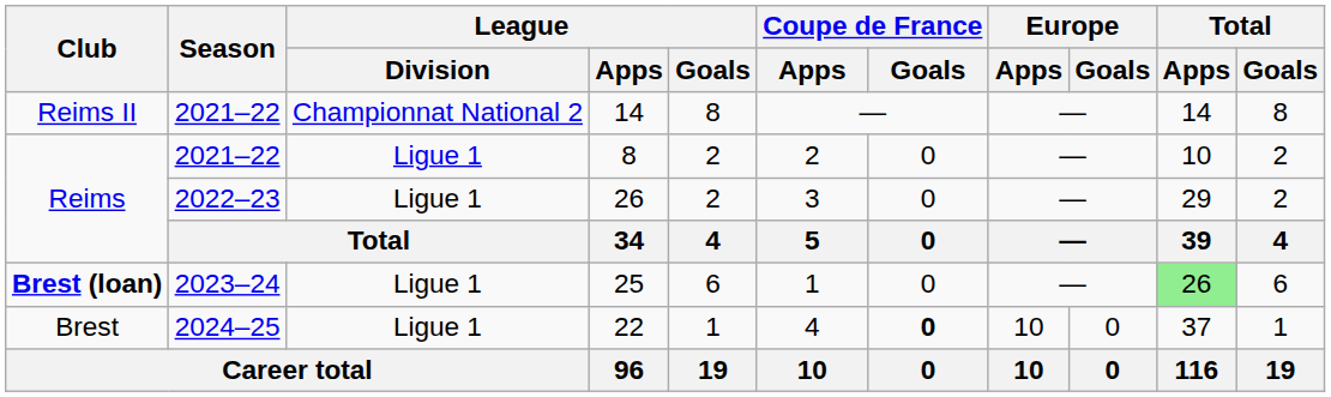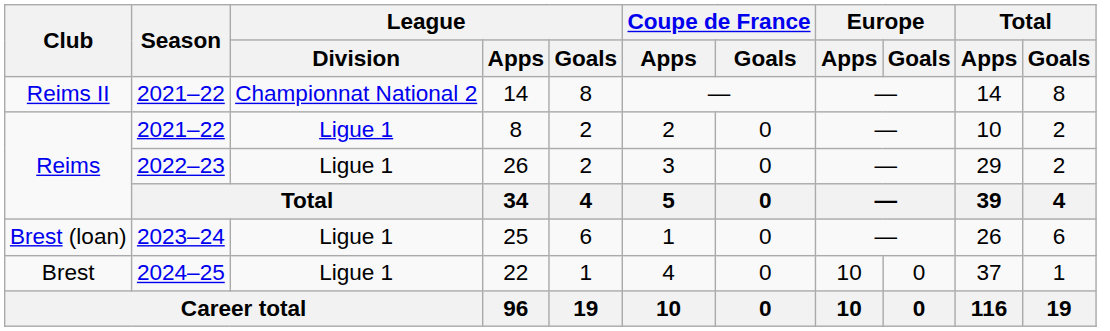 <table class="wikitable" style="text-align:center">
 <tr>
 <th rowspan="2">Club</th>
 <th rowspan="2">Season</th>
 <th colspan="3">League</th>
 <th colspan="2"><a href='#'>Coupe de France</a></th>
 <th colspan="2">Europe</th>
 <th colspan="2">Total</th>
 </tr>
 <tr>
 <th>Division</th>
 <th>Apps</th>
 <th>Goals</th>
 <th>Apps</th>
 <th>Goals</th>
 <th>Apps</th>
 <th>Goals</th>
 <th>Apps</th>
 <th>Goals</th>
 </tr>
 <tr>
 <td><a href='#'>Reims II</a></td>
 <td><a href='#'>2021–22</a></td>
 <td><a href='#'>Championnat National 2</a></td>
 <td>14</td>
 <td>8</td>
 <td colspan="2">—</td>
 <td colspan="2">—</td>
 <td>14</td>
 <td>8</td>
 </tr>
 <tr>
 <td rowspan="3"><a href='#'>Reims</a></td>
 <td><a href='#'>2021–22</a></td>
 <td><a href='#'>Ligue 1</a></td>
 <td>8</td>
 <td>2</td>
 <td>2</td>
 <td>0</td>
 <td colspan="2">—</td>
 <td>10</td>
 <td>2</td>
 </tr>
 <tr>
 <td><a href='#'>2022–23</a></td>
 <td>Ligue 1</td>
 <td>26</td>
 <td>2</td>
 <td>3</td>
 <td>0</td>
 <td colspan="2">—</td>
 <td>29</td>
 <td>2</td>
 </tr>
 <tr>
 <th colspan="2">Total</th>
 <th>34</th>
 <th>4</th>
 <th>5</th>
 <th>0</th>
 <th colspan="2">—</th>
 <th>39</th>
 <th>4</th>
 </tr>
 <tr>
-<td><strong><a href='#'>Brest</a> (loan)</strong></td>
+<td><a href='#'>Brest</a> (loan)</td>
 <td><a href='#'>2023–24</a></td>
 <td>Ligue 1</td>
 <td>25</td>
 <td>6</td>
 <td>1</td>
 <td>0</td>
 <td colspan="2">—</td>
-<td style="background: lightgreen;">26</td>
+<td>26</td>
 <td>6</td>
 </tr>
 <tr>
 <td>Brest</td>
 <td><a href='#'>2024–25</a></td>
 <td>Ligue 1</td>
 <td>22</td>
 <td>1</td>
 <td>4</td>
-<td><strong>0</strong></td>
+<td>0</td>
 <td>10</td>
 <td>0</td>
 <td>37</td>
 <td>1</td>
 </tr>
 <tr>
 <th colspan="3">Career total</th>
 <th>96</th>
 <th>19</th>
 <th>10</th>
 <th>0</th>
 <th>10</th>
 <th>0</th>
 <th>116</th>
 <th>19</th>
 </tr>
 </table>
